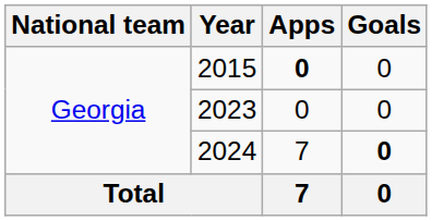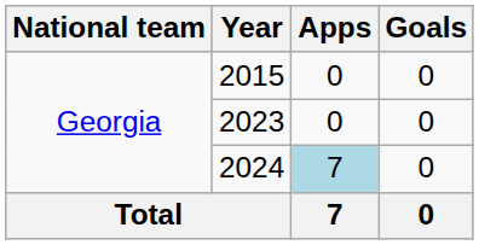 <table class="wikitable" style="text-align:center">
 <tr>
 <th>National team</th>
 <th>Year</th>
 <th>Apps</th>
 <th>Goals</th>
 </tr>
 <tr>
 <td rowspan="3"><a href='#'>Georgia</a></td>
 <td>2015</td>
-<td><strong>0</strong></td>
+<td>0</td>
 <td>0</td>
 </tr>
 <tr>
 <td>2023</td>
 <td>0</td>
 <td>0</td>
 </tr>
 <tr>
 <td>2024</td>
-<td>7</td>
-<td><strong>0</strong></td>
+<td style="background: lightblue;">7</td>
+<td>0</td>
 </tr>
 <tr>
 <th colspan="2">Total</th>
 <th>7</th>
 <th>0</th>
 </tr>
 </table>
